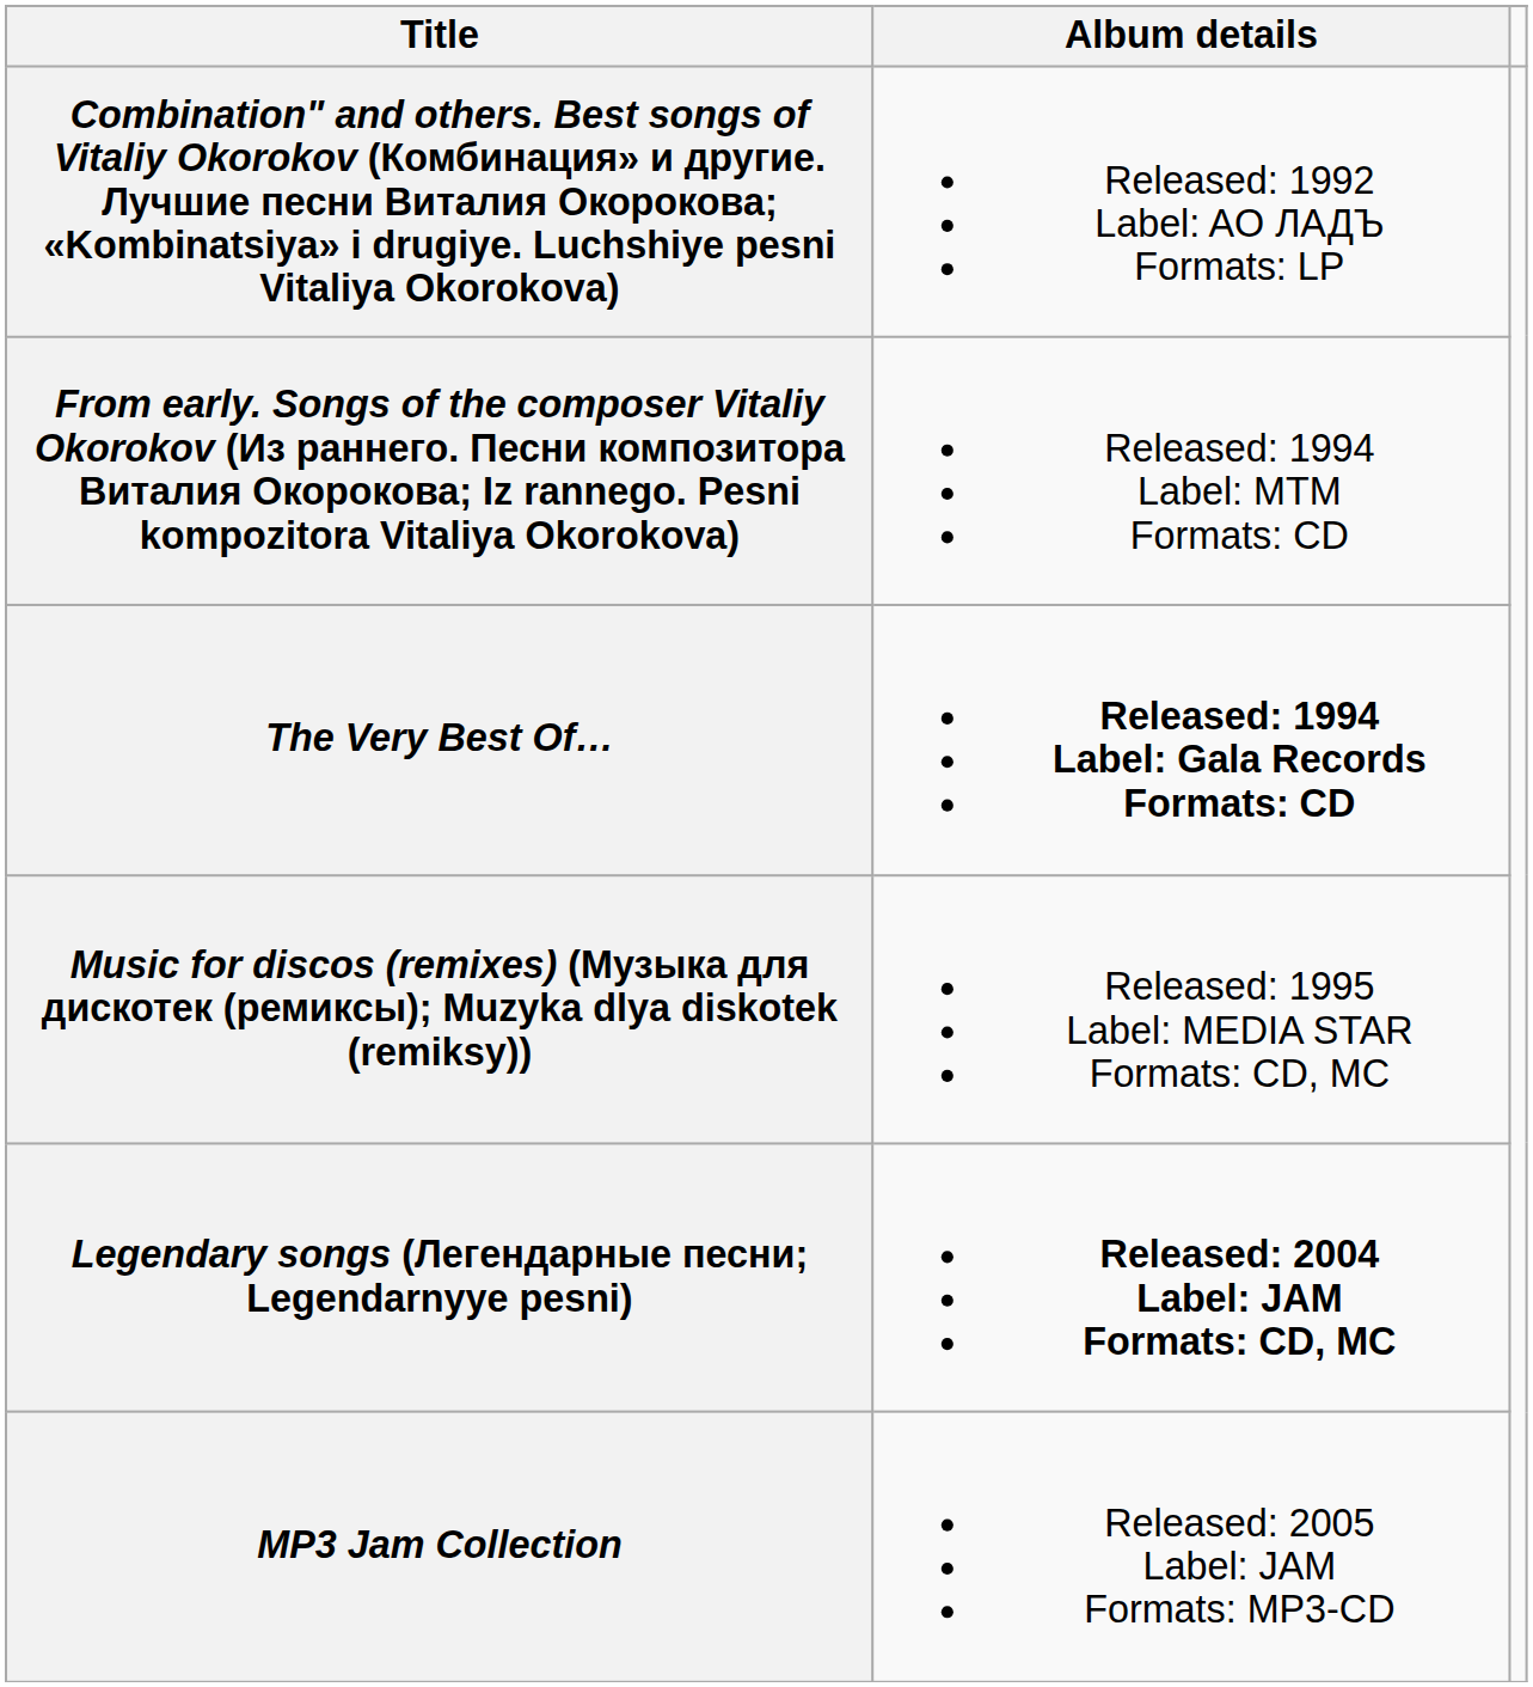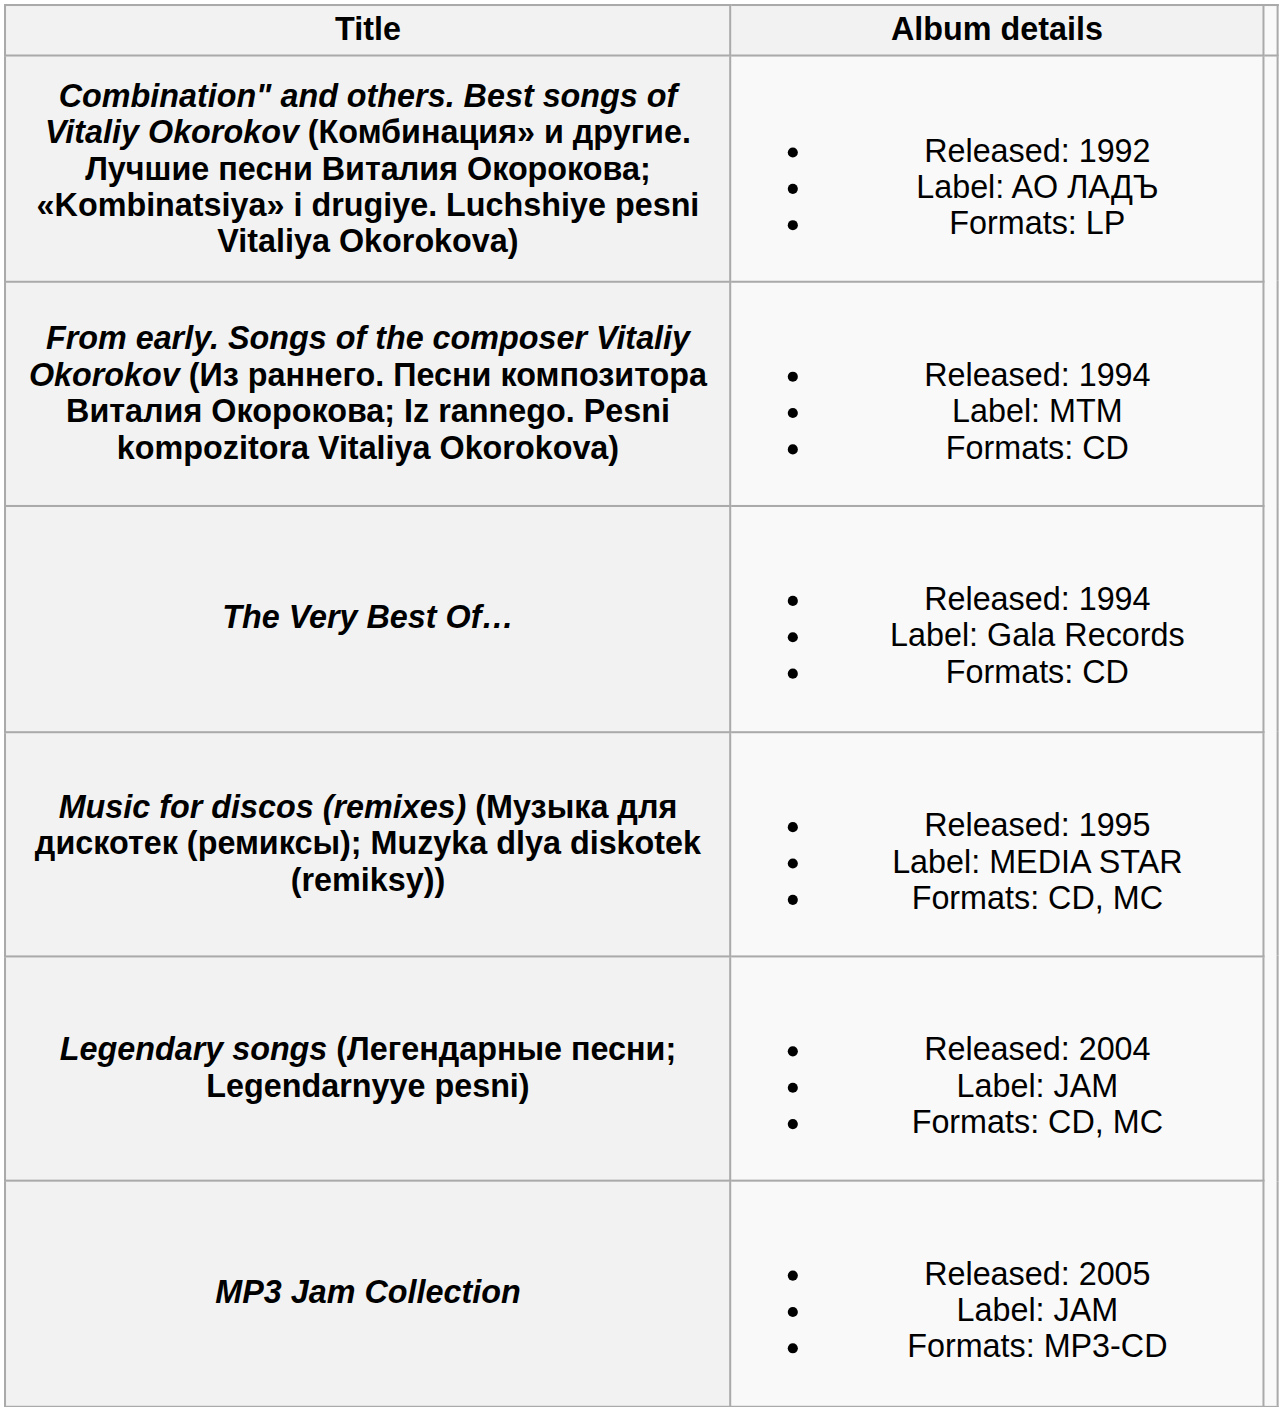 <table class="wikitable plainrowheaders" style="text-align:center;">
 <tr>
 <th style="width:22em;" rowspan="2">Title</th>
 <th style="width:16em;" rowspan="2">Album details</th>
 </tr>
 <tr>
 <td></td>
 </tr>
 <tr>
 <th scope="row"><em>Combination" and others. Best songs of Vitaliy Okorokov</em> (Комбинация» и другие.<br>Лучшие песни Виталия Окорокова; «Kombinatsiya» i drugiye. Luchshiye pesni Vitaliya Okorokova)</th>
 <td><br><ul><li>Released: 1992 </li><li>Label: AO ЛАДЪ</li><li>Formats: LP</li></ul></td>
 </tr>
 <tr>
 <th scope="row"><em>From early. Songs of the composer Vitaliy Okorokov</em> (Из раннего. Песни композитора Виталия Окорокова; Iz rannego. Pesni kompozitora Vitaliya Okorokova)</th>
 <td><br><ul><li>Released: 1994 </li><li>Label: MTM</li><li>Formats: CD</li></ul></td>
 </tr>
 <tr>
 <th scope="row"><em>The Very Best Of…</em></th>
-<td><strong><br><ul><li>Released: 1994 </li><li>Label: Gala Records</li><li>Formats: CD</li></ul></strong></td>
+<td><br><ul><li>Released: 1994 </li><li>Label: Gala Records</li><li>Formats: CD</li></ul></td>
 </tr>
 <tr>
 <th scope="row"><em>Music for discos (remixes)</em> (Музыка для дискотек (ремиксы); Muzyka dlya diskotek (remiksy))</th>
 <td><br><ul><li>Released: 1995 </li><li>Label: MEDIA STAR</li><li>Formats: CD, MC</li></ul></td>
 </tr>
 <tr>
 <th scope="row"><em>Legendary songs</em> (Легендарные песни; Legendarnyye pesni)</th>
-<td><strong><br><ul><li>Released: 2004 </li><li>Label: JAM</li><li>Formats: CD, MC</li></ul></strong></td>
+<td><br><ul><li>Released: 2004 </li><li>Label: JAM</li><li>Formats: CD, MC</li></ul></td>
 </tr>
 <tr>
 <th scope="row"><em>MP3 Jam Collection</em></th>
 <td><br><ul><li>Released: 2005 </li><li>Label: JAM</li><li>Formats: MP3-CD</li></ul></td>
 </tr>
 <tr>
 </tr>
 </table>
